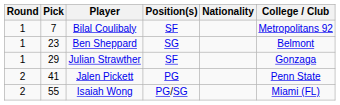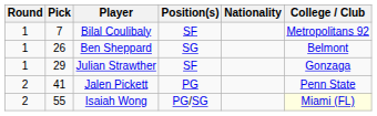 <table class="wikitable sortable sortable">
 <tr>
 <th>Round</th>
 <th>Pick</th>
 <th>Player</th>
 <th>Position(s)</th>
 <th>Nationality</th>
 <th>College / Club</th>
 </tr>
 <tr style="text-align: center">
 <td>1</td>
 <td>7</td>
 <td><a href='#'>Bilal Coulibaly</a></td>
 <td><a href='#'>SF</a></td>
 <td></td>
 <td><a href='#'>Metropolitans 92</a> </td>
 </tr>
 <tr style="text-align: center">
 <td>1</td>
-<td>23</td>
+<td>26</td>
 <td><a href='#'>Ben Sheppard</a></td>
 <td><a href='#'>SG</a></td>
 <td></td>
 <td><a href='#'>Belmont</a> </td>
 </tr>
 <tr style="text-align: center">
 <td>1</td>
 <td>29</td>
 <td><a href='#'>Julian Strawther</a></td>
 <td><a href='#'>SF</a></td>
 <td><br></td>
 <td><a href='#'>Gonzaga</a> </td>
 </tr>
 <tr style="text-align: center">
 <td>2</td>
 <td>41</td>
 <td><a href='#'>Jalen Pickett</a></td>
 <td><a href='#'>PG</a></td>
 <td></td>
 <td><a href='#'>Penn State</a></td>
 </tr>
 <tr style="text-align: center">
 <td>2</td>
 <td>55</td>
 <td><a href='#'>Isaiah Wong</a></td>
 <td><a href='#'>PG</a>/<a href='#'>SG</a></td>
 <td></td>
-<td><a href='#'>Miami (FL)</a> </td>
+<td style="background: lightyellow;"><a href='#'>Miami (FL)</a> </td>
 </tr>
 </table>
